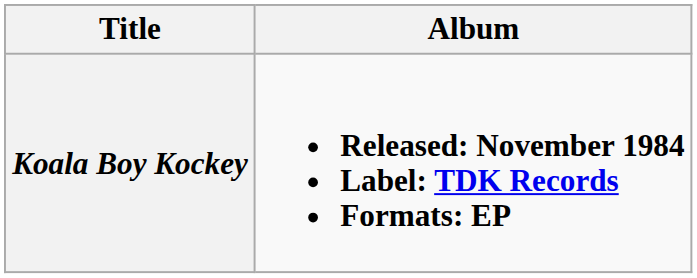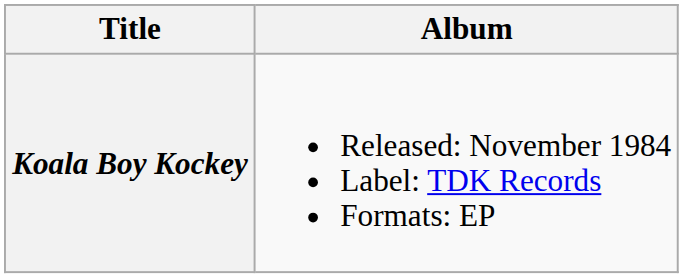 <table class="wikitable plainrowheaders">
 <tr>
 <th scope="col">Title</th>
 <th scope="col">Album</th>
 </tr>
 <tr>
 <th scope="row"><em>Koala Boy Kockey</em></th>
-<td><strong><br><ul><li>Released: November 1984</li><li>Label: <a href='#'>TDK Records</a></li><li>Formats: EP</li></ul></strong></td>
+<td><br><ul><li>Released: November 1984</li><li>Label: <a href='#'>TDK Records</a></li><li>Formats: EP</li></ul></td>
 </tr>
 </table>
